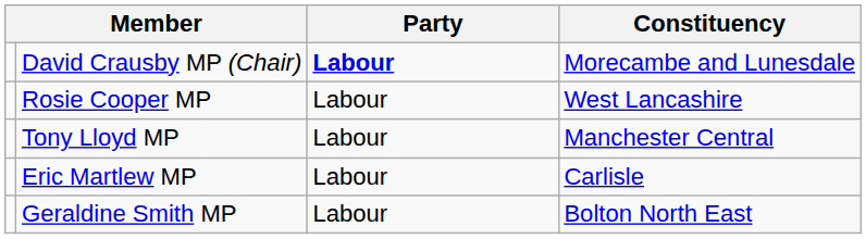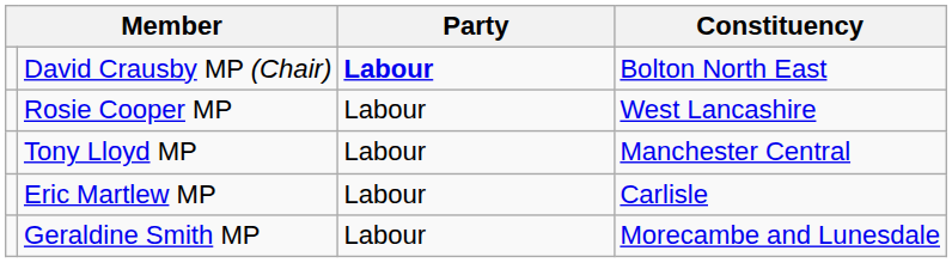 <table class="wikitable">
 <tr>
 <th width="160px" colspan="2">Member</th>
 <th width="160px" colspan="1">Party</th>
 <th width="160px" colspan="2">Constituency</th>
 </tr>
 <tr>
 <td style="color:inherit;background:"></td>
 <td><a href='#'>David Crausby</a> MP <em>(Chair)</em></td>
 <td><strong><a href='#'>Labour</a></strong></td>
-<td><a href='#'>Morecambe and Lunesdale</a></td>
+<td><a href='#'>Bolton North East</a></td>
 </tr>
 <tr>
 <td style="color:inherit;background:"></td>
 <td><a href='#'>Rosie Cooper</a> MP</td>
 <td>Labour</td>
 <td><a href='#'>West Lancashire</a></td>
 </tr>
 <tr>
 <td style="color:inherit;background:"></td>
 <td><a href='#'>Tony Lloyd</a> MP</td>
 <td>Labour</td>
 <td><a href='#'>Manchester Central</a></td>
 </tr>
 <tr>
 <td style="color:inherit;background:"></td>
 <td><a href='#'>Eric Martlew</a> MP</td>
 <td>Labour</td>
 <td><a href='#'>Carlisle</a></td>
 </tr>
 <tr>
 <td style="color:inherit;background:"></td>
 <td><a href='#'>Geraldine Smith</a> MP</td>
 <td>Labour</td>
-<td><a href='#'>Bolton North East</a></td>
+<td><a href='#'>Morecambe and Lunesdale</a></td>
 </tr>
 </table>
